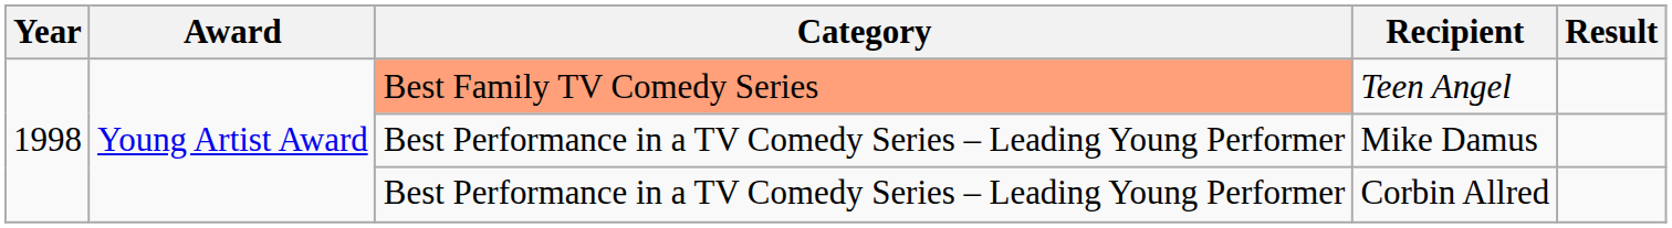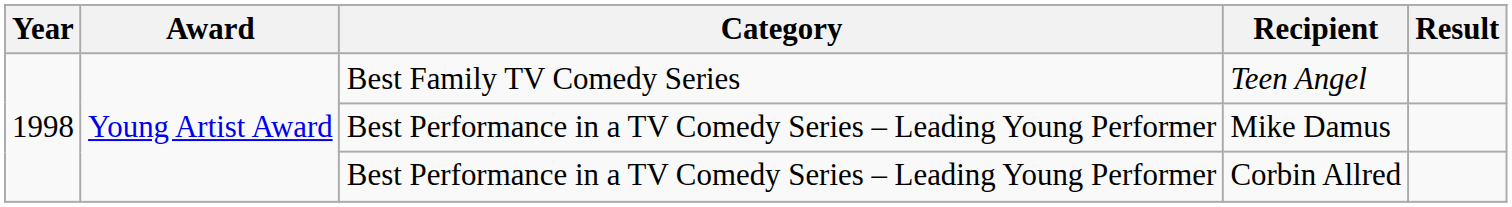 <table class="wikitable">
 <tr>
 <th>Year</th>
 <th>Award</th>
 <th>Category</th>
 <th>Recipient</th>
 <th>Result</th>
 </tr>
 <tr>
 <td rowspan=3>1998</td>
 <td rowspan=3><a href='#'>Young Artist Award</a></td>
-<td style="background: lightsalmon;">Best Family TV Comedy Series</td>
+<td>Best Family TV Comedy Series</td>
 <td><em>Teen Angel</em></td>
 <td></td>
 </tr>
 <tr>
 <td>Best Performance in a TV Comedy Series – Leading Young Performer</td>
 <td>Mike Damus</td>
 <td></td>
 </tr>
 <tr>
 <td>Best Performance in a TV Comedy Series – Leading Young Performer</td>
 <td>Corbin Allred</td>
 <td></td>
 </tr>
 </table>
